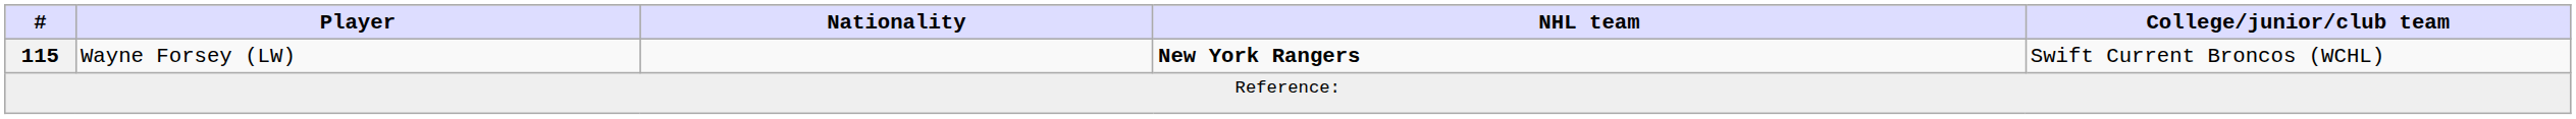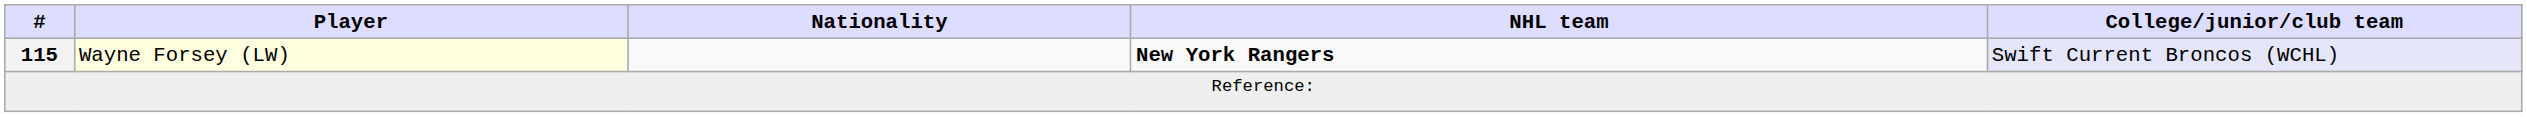 <table class="wikitable" style="width: 100%">
 <tr>
 <th style="background:#ddf; width:2.75%;">#</th>
 <th style="background:#ddf; width:22.0%;">Player</th>
 <th style="background:#ddf; width:20.0%;">Nationality</th>
 <th style="background:#ddf; width:34.0%;">NHL team</th>
 <th style="background:#ddf; width:100.0%;">College/junior/club team</th>
 </tr>
 <tr>
 <th>115</th>
-<td>Wayne Forsey (LW)</td>
+<td style="background: lightyellow;">Wayne Forsey (LW)</td>
 <td></td>
 <td><strong>New York Rangers</strong></td>
-<td>Swift Current Broncos (WCHL)</td>
+<td style="background: lavender;">Swift Current Broncos (WCHL)</td>
 </tr>
 <tr>
 <td align=center colspan="6" bgcolor="#efefef"><sup>Reference: </sup></td>
 </tr>
 </table>
